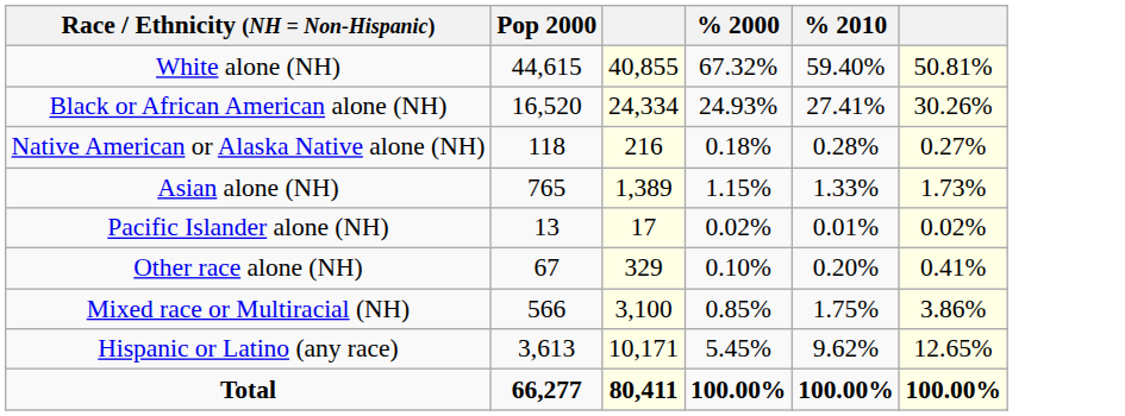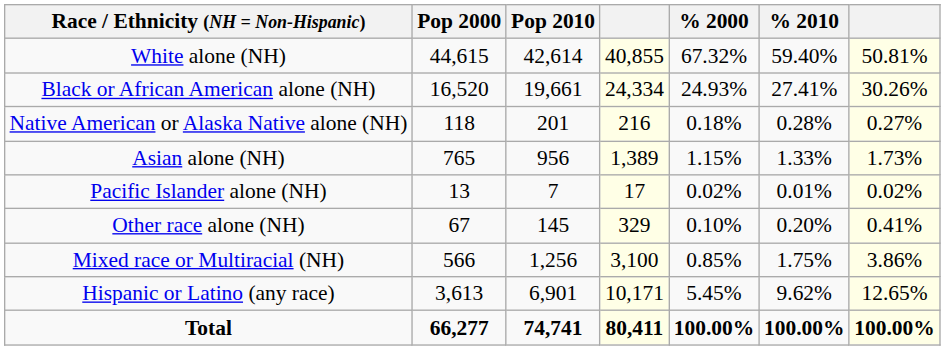 <table class="wikitable" style="text-align:center;">
 <tr>
 <th>Race / Ethnicity <small>(<em>NH = Non-Hispanic</em>)</small></th>
 <th>Pop 2000</th>
+<th>Pop 2010</th>
 <th></th>
 <th>% 2000</th>
 <th>% 2010</th>
 <th></th>
 </tr>
 <tr>
 <td><a href='#'>White</a> alone (NH)</td>
 <td>44,615</td>
+<td>42,614</td>
 <td style='background: #ffffe6;'>40,855</td>
 <td>67.32%</td>
 <td>59.40%</td>
 <td style='background: #ffffe6;'>50.81%</td>
 </tr>
 <tr>
 <td><a href='#'>Black or African American</a> alone (NH)</td>
 <td>16,520</td>
+<td>19,661</td>
 <td style='background: #ffffe6;'>24,334</td>
 <td>24.93%</td>
 <td>27.41%</td>
 <td style='background: #ffffe6;'>30.26%</td>
 </tr>
 <tr>
 <td><a href='#'>Native American</a> or <a href='#'>Alaska Native</a> alone (NH)</td>
 <td>118</td>
+<td>201</td>
 <td style='background: #ffffe6;'>216</td>
 <td>0.18%</td>
 <td>0.28%</td>
 <td style='background: #ffffe6;'>0.27%</td>
 </tr>
 <tr>
 <td><a href='#'>Asian</a> alone (NH)</td>
 <td>765</td>
+<td>956</td>
 <td style='background: #ffffe6;'>1,389</td>
 <td>1.15%</td>
 <td>1.33%</td>
 <td style='background: #ffffe6;'>1.73%</td>
 </tr>
 <tr>
 <td><a href='#'>Pacific Islander</a> alone (NH)</td>
 <td>13</td>
+<td>7</td>
 <td style='background: #ffffe6;'>17</td>
 <td>0.02%</td>
 <td>0.01%</td>
 <td style='background: #ffffe6;'>0.02%</td>
 </tr>
 <tr>
 <td><a href='#'>Other race</a> alone (NH)</td>
 <td>67</td>
+<td>145</td>
 <td style='background: #ffffe6;'>329</td>
 <td>0.10%</td>
 <td>0.20%</td>
 <td style='background: #ffffe6;'>0.41%</td>
 </tr>
 <tr>
 <td><a href='#'>Mixed race or Multiracial</a> (NH)</td>
 <td>566</td>
+<td>1,256</td>
 <td style='background: #ffffe6;'>3,100</td>
 <td>0.85%</td>
 <td>1.75%</td>
 <td style='background: #ffffe6;'>3.86%</td>
 </tr>
 <tr>
 <td><a href='#'>Hispanic or Latino</a> (any race)</td>
 <td>3,613</td>
+<td>6,901</td>
 <td style='background: #ffffe6;'>10,171</td>
 <td>5.45%</td>
 <td>9.62%</td>
 <td style='background: #ffffe6;'>12.65%</td>
 </tr>
 <tr>
 <td><strong>Total</strong></td>
 <td><strong>66,277</strong></td>
+<td><strong>74,741</strong></td>
 <td style='background: #ffffe6;'><strong>80,411</strong></td>
 <td><strong>100.00%</strong></td>
 <td><strong>100.00%</strong></td>
 <td style='background: #ffffe6;'><strong>100.00%</strong></td>
 </tr>
 </table>
